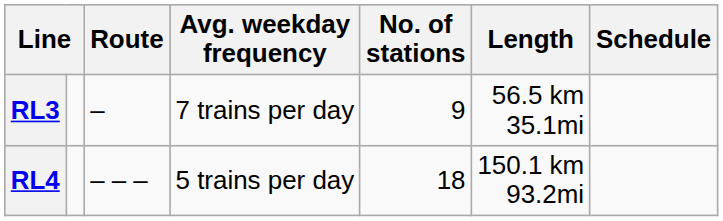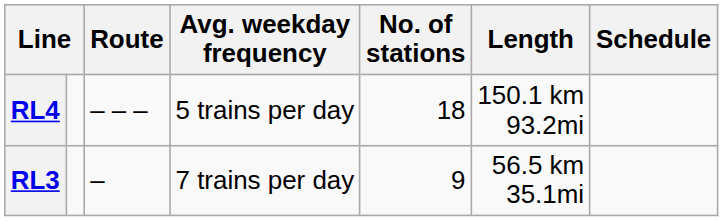 <table class="sortable wikitable">
 <tr>
 <th colspan="2">Line</th>
 <th class="unsortable">Route</th>
 <th>Avg. weekday<br> frequency</th>
 <th data-sort-type="number">No. of<br>stations</th>
 <th>Length</th>
 <th class="unsortable">Schedule</th>
 </tr>
 <tr>
+<th><a href='#'>RL4</a></th>
+<td width=4px style="background-color:#"></td>
+<td> –  –  – </td>
+<td>5 trains per day</td>
+<td style="text-align:right;">18</td>
+<td style="text-align:right;">150.1 km<br>93.2mi</td>
+<td style="text-align:center;"></td>
+</tr>
+<tr>
 <th><a href='#'>RL3</a></th>
 <td width=4px style="background-color:#"></td>
 <td> – </td>
 <td>7 trains per day</td>
 <td style="text-align:right;">9</td>
 <td style="text-align:right;">56.5 km<br>35.1mi</td>
 <td style="text-align:center;"></td>
 </tr>
-<tr>
-<th><a href='#'>RL4</a></th>
-<td width=4px style="background-color:#"></td>
-<td> –  –  – </td>
-<td>5 trains per day</td>
-<td style="text-align:right;">18</td>
-<td style="text-align:right;">150.1 km<br>93.2mi</td>
-<td style="text-align:center;"></td>
-</tr>
 </table>
